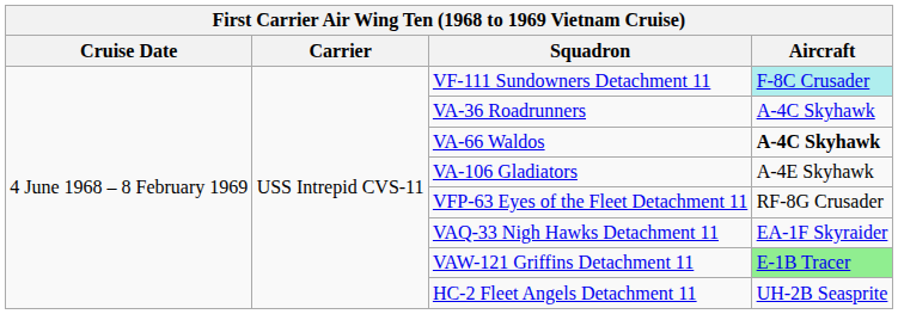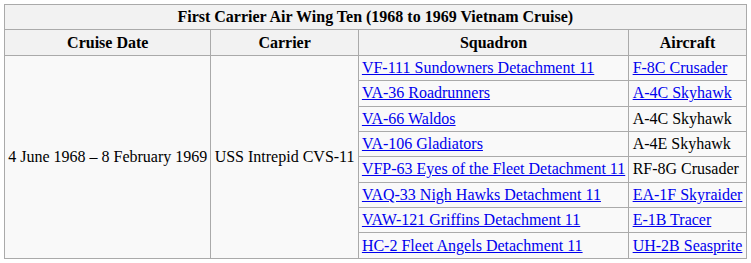 <table class="wikitable">
 <tr>
 <th colspan="4">First Carrier Air Wing Ten (1968 to 1969 Vietnam Cruise)</th>
 </tr>
 <tr>
 <th>Cruise Date</th>
 <th>Carrier</th>
 <th>Squadron</th>
 <th>Aircraft</th>
 </tr>
 <tr>
 <td rowspan="8">4 June 1968 – 8 February 1969</td>
 <td rowspan="8">USS Intrepid CVS-11</td>
 <td><a href='#'>VF-111 Sundowners Detachment 11</a></td>
-<td style="background: paleturquoise;"><a href='#'>F-8C Crusader</a></td>
+<td><a href='#'>F-8C Crusader</a></td>
 </tr>
 <tr>
 <td><a href='#'>VA-36 Roadrunners</a></td>
 <td><a href='#'>A-4C Skyhawk</a></td>
 </tr>
 <tr>
 <td><a href='#'>VA-66 Waldos</a></td>
-<td><strong>A-4C Skyhawk</strong></td>
+<td>A-4C Skyhawk</td>
 </tr>
 <tr>
 <td><a href='#'>VA-106 Gladiators</a></td>
 <td>A-4E Skyhawk</td>
 </tr>
 <tr>
 <td><a href='#'>VFP-63 Eyes of the Fleet Detachment 11</a></td>
 <td>RF-8G Crusader</td>
 </tr>
 <tr>
 <td><a href='#'>VAQ-33 Nigh Hawks Detachment 11</a></td>
 <td><a href='#'>EA-1F Skyraider</a></td>
 </tr>
 <tr>
 <td><a href='#'>VAW-121 Griffins Detachment 11</a></td>
-<td style="background: lightgreen;"><a href='#'>E-1B Tracer</a></td>
+<td><a href='#'>E-1B Tracer</a></td>
 </tr>
 <tr>
 <td><a href='#'>HC-2 Fleet Angels Detachment 11</a></td>
 <td><a href='#'>UH-2B Seasprite</a></td>
 </tr>
 </table>
